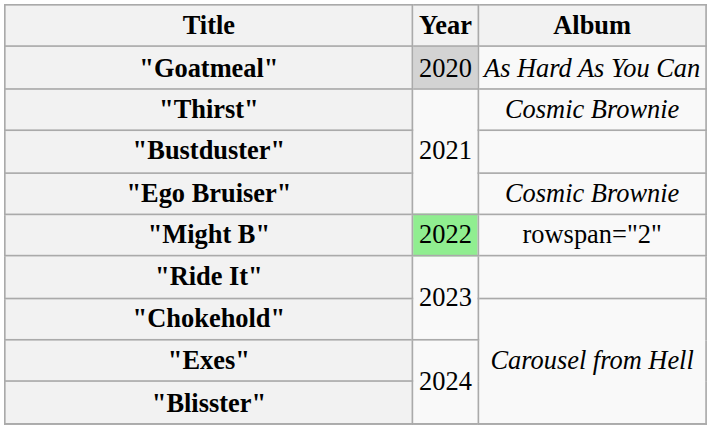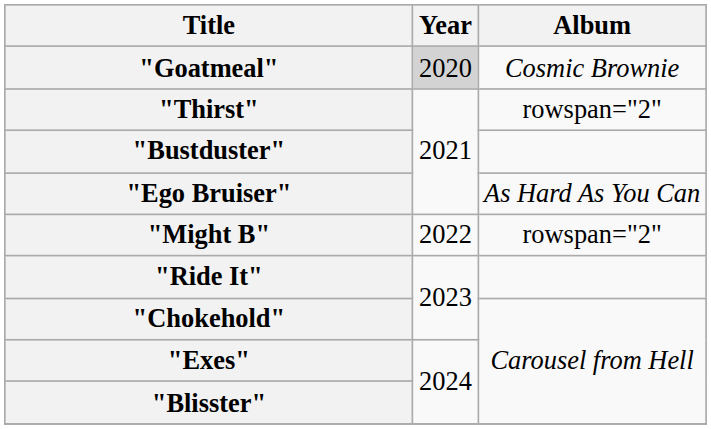 <table class="wikitable plainrowheaders" style="text-align:center;">
 <tr>
 <th scope="col" style="width:15em;">Title</th>
 <th scope="col">Year</th>
 <th scope="col">Album</th>
 </tr>
 <tr>
 <th scope="row">"Goatmeal"</th>
 <td style="background: lightgrey;">2020</td>
-<td><em>As Hard As You Can</em></td>
+<td><em>Cosmic Brownie</em></td>
 </tr>
 <tr>
 <th scope="row">"Thirst"<br></th>
 <td rowspan="3">2021</td>
-<td><em>Cosmic Brownie</em></td>
+<td>rowspan="2" </td>
 </tr>
 <tr>
 <th scope="row">"Bustduster"</th>
 </tr>
 <tr>
 <th scope="row">"Ego Bruiser"</th>
-<td><em>Cosmic Brownie</em></td>
+<td><em>As Hard As You Can</em></td>
 </tr>
 <tr>
 <th scope="row">"Might B"</th>
-<td style="background: lightgreen;">2022</td>
+<td>2022</td>
 <td>rowspan="2" </td>
 </tr>
 <tr>
 <th scope="row">"Ride It"<br></th>
 <td rowspan="2">2023</td>
 </tr>
 <tr>
 <th scope="row">"Chokehold"</th>
 <td rowspan="3"><em>Carousel from Hell</em></td>
 </tr>
 <tr>
 <th scope="row">"Exes"<br></th>
 <td rowspan="2">2024</td>
 </tr>
 <tr>
 <th scope="row">"Blisster"</th>
 </tr>
 <tr>
 </tr>
 </table>
